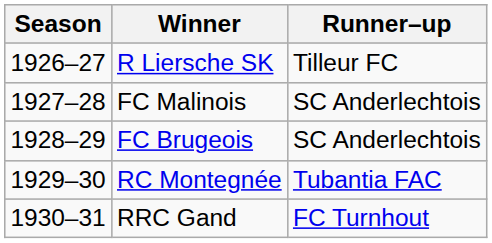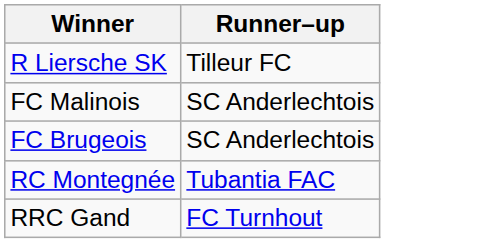 <table class="wikitable sortable" style="text–align:center;">
 <tr>
-<th>Season</th>
 <th>Winner</th>
 <th>Runner–up</th>
 </tr>
 <tr>
-<td>1926–27</td>
 <td><a href='#'>R Liersche SK</a></td>
 <td>Tilleur FC</td>
 </tr>
 <tr>
-<td>1927–28</td>
 <td>FC Malinois</td>
 <td>SC Anderlechtois</td>
 </tr>
 <tr>
-<td>1928–29</td>
 <td><a href='#'>FC Brugeois</a></td>
 <td>SC Anderlechtois</td>
 </tr>
 <tr>
-<td>1929–30</td>
 <td><a href='#'>RC Montegnée</a></td>
 <td><a href='#'>Tubantia FAC</a></td>
 </tr>
 <tr>
-<td>1930–31</td>
 <td>RRC Gand</td>
 <td><a href='#'>FC Turnhout</a></td>
 </tr>
 </table>
